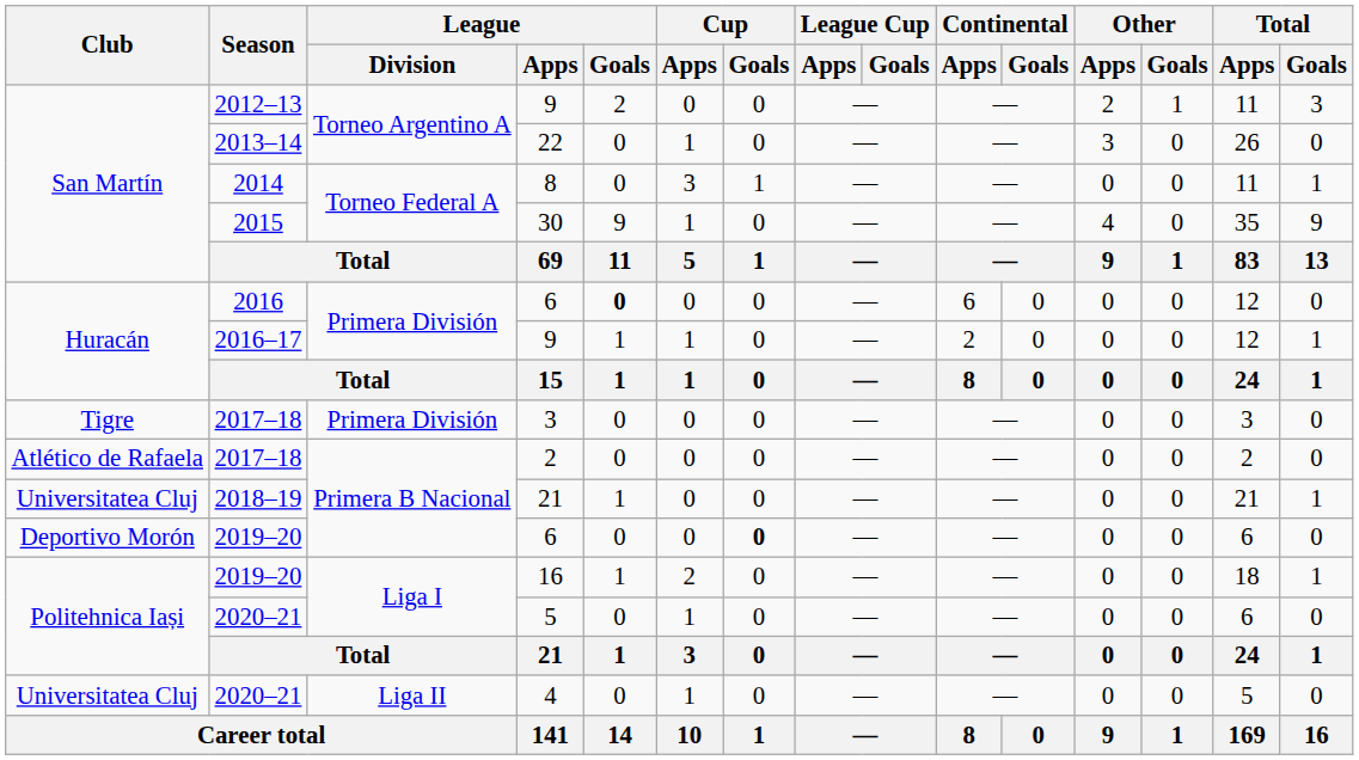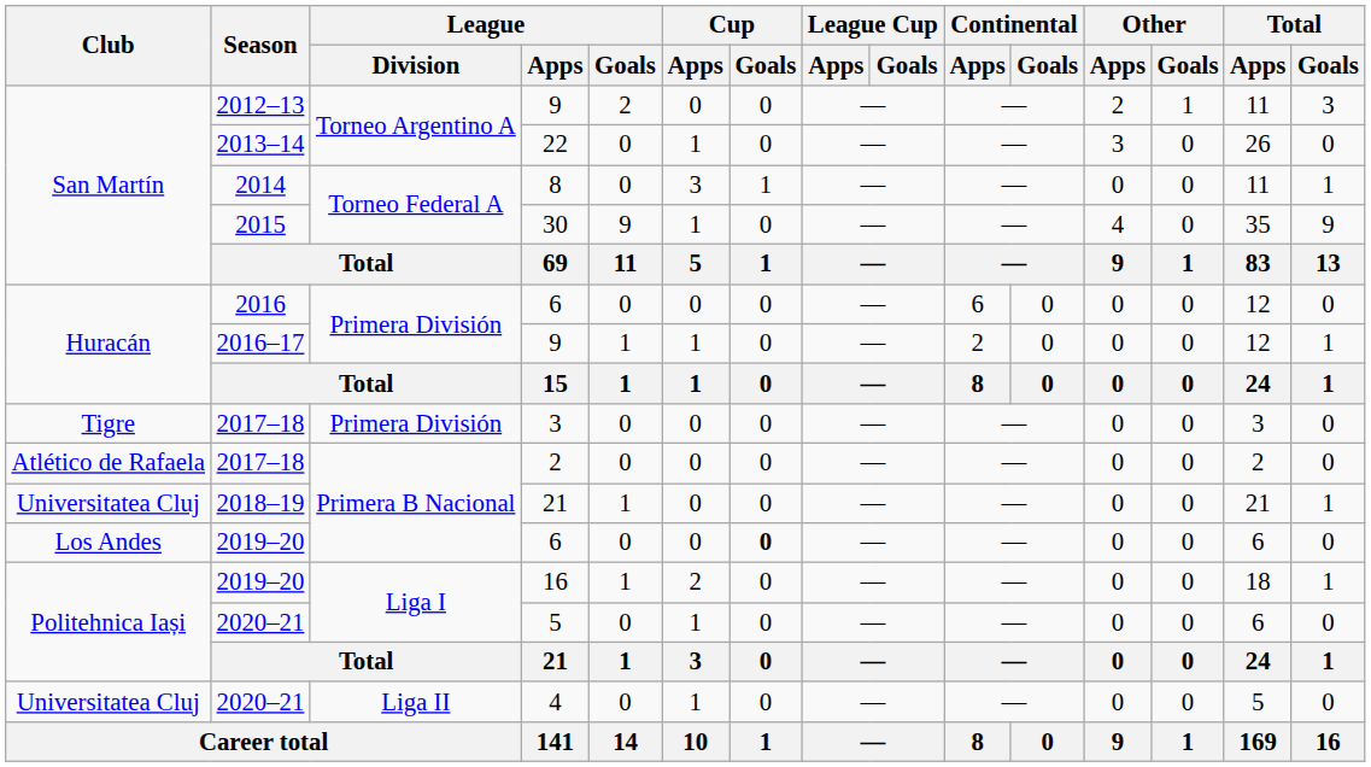 <table class="wikitable" style="text-align:center">
 <tr>
 <th rowspan="2">Club</th>
 <th rowspan="2">Season</th>
 <th colspan="3">League</th>
 <th colspan="2">Cup</th>
 <th colspan="2">League Cup</th>
 <th colspan="2">Continental</th>
 <th colspan="2">Other</th>
 <th colspan="2">Total</th>
 </tr>
 <tr>
 <th>Division</th>
 <th>Apps</th>
 <th>Goals</th>
 <th>Apps</th>
 <th>Goals</th>
 <th>Apps</th>
 <th>Goals</th>
 <th>Apps</th>
 <th>Goals</th>
 <th>Apps</th>
 <th>Goals</th>
 <th>Apps</th>
 <th>Goals</th>
 </tr>
 <tr>
 <td rowspan="5"><a href='#'>San Martín</a></td>
 <td><a href='#'>2012–13</a></td>
 <td rowspan="2"><a href='#'>Torneo Argentino A</a></td>
 <td>9</td>
 <td>2</td>
 <td>0</td>
 <td>0</td>
 <td colspan="2">—</td>
 <td colspan="2">—</td>
 <td>2</td>
 <td>1</td>
 <td>11</td>
 <td>3</td>
 </tr>
 <tr>
 <td><a href='#'>2013–14</a></td>
 <td>22</td>
 <td>0</td>
 <td>1</td>
 <td>0</td>
 <td colspan="2">—</td>
 <td colspan="2">—</td>
 <td>3</td>
 <td>0</td>
 <td>26</td>
 <td>0</td>
 </tr>
 <tr>
 <td><a href='#'>2014</a></td>
 <td rowspan="2"><a href='#'>Torneo Federal A</a></td>
 <td>8</td>
 <td>0</td>
 <td>3</td>
 <td>1</td>
 <td colspan="2">—</td>
 <td colspan="2">—</td>
 <td>0</td>
 <td>0</td>
 <td>11</td>
 <td>1</td>
 </tr>
 <tr>
 <td><a href='#'>2015</a></td>
 <td>30</td>
 <td>9</td>
 <td>1</td>
 <td>0</td>
 <td colspan="2">—</td>
 <td colspan="2">—</td>
 <td>4</td>
 <td>0</td>
 <td>35</td>
 <td>9</td>
 </tr>
 <tr>
 <th colspan="2">Total</th>
 <th>69</th>
 <th>11</th>
 <th>5</th>
 <th>1</th>
 <th colspan="2">—</th>
 <th colspan="2">—</th>
 <th>9</th>
 <th>1</th>
 <th>83</th>
 <th>13</th>
 </tr>
 <tr>
 <td rowspan="3"><a href='#'>Huracán</a></td>
 <td><a href='#'>2016</a></td>
 <td rowspan="2"><a href='#'>Primera División</a></td>
 <td>6</td>
-<td><strong>0</strong></td>
+<td>0</td>
 <td>0</td>
 <td>0</td>
 <td colspan="2">—</td>
 <td>6</td>
 <td>0</td>
 <td>0</td>
 <td>0</td>
 <td>12</td>
 <td>0</td>
 </tr>
 <tr>
 <td><a href='#'>2016–17</a></td>
 <td>9</td>
 <td>1</td>
 <td>1</td>
 <td>0</td>
 <td colspan="2">—</td>
 <td>2</td>
 <td>0</td>
 <td>0</td>
 <td>0</td>
 <td>12</td>
 <td>1</td>
 </tr>
 <tr>
 <th colspan="2">Total</th>
 <th>15</th>
 <th>1</th>
 <th>1</th>
 <th>0</th>
 <th colspan="2">—</th>
 <th>8</th>
 <th>0</th>
 <th>0</th>
 <th>0</th>
 <th>24</th>
 <th>1</th>
 </tr>
 <tr>
 <td rowspan="1"><a href='#'>Tigre</a></td>
 <td><a href='#'>2017–18</a></td>
 <td rowspan="1"><a href='#'>Primera División</a></td>
 <td>3</td>
 <td>0</td>
 <td>0</td>
 <td>0</td>
 <td colspan="2">—</td>
 <td colspan="2">—</td>
 <td>0</td>
 <td>0</td>
 <td>3</td>
 <td>0</td>
 </tr>
 <tr>
 <td rowspan="1"><a href='#'>Atlético de Rafaela</a></td>
 <td><a href='#'>2017–18</a></td>
 <td rowspan="3"><a href='#'>Primera B Nacional</a></td>
 <td>2</td>
 <td>0</td>
 <td>0</td>
 <td>0</td>
 <td colspan="2">—</td>
 <td colspan="2">—</td>
 <td>0</td>
 <td>0</td>
 <td>2</td>
 <td>0</td>
 </tr>
 <tr>
 <td rowspan="1"><a href='#'>Universitatea Cluj</a></td>
 <td><a href='#'>2018–19</a></td>
 <td>21</td>
 <td>1</td>
 <td>0</td>
 <td>0</td>
 <td colspan="2">—</td>
 <td colspan="2">—</td>
 <td>0</td>
 <td>0</td>
 <td>21</td>
 <td>1</td>
 </tr>
 <tr>
-<td rowspan="1"><a href='#'>Deportivo Morón</a></td>
+<td rowspan="1"><a href='#'>Los Andes</a></td>
 <td><a href='#'>2019–20</a></td>
 <td>6</td>
 <td>0</td>
 <td>0</td>
 <td><strong>0</strong></td>
 <td colspan="2">—</td>
 <td colspan="2">—</td>
 <td>0</td>
 <td>0</td>
 <td>6</td>
 <td>0</td>
 </tr>
 <tr>
 <td rowspan="3"><a href='#'>Politehnica Iași</a></td>
 <td><a href='#'>2019–20</a></td>
 <td rowspan="2"><a href='#'>Liga I</a></td>
 <td>16</td>
 <td>1</td>
 <td>2</td>
 <td>0</td>
 <td colspan="2">—</td>
 <td colspan="2">—</td>
 <td>0</td>
 <td>0</td>
 <td>18</td>
 <td>1</td>
 </tr>
 <tr>
 <td><a href='#'>2020–21</a></td>
 <td>5</td>
 <td>0</td>
 <td>1</td>
 <td>0</td>
 <td colspan="2">—</td>
 <td colspan="2">—</td>
 <td>0</td>
 <td>0</td>
 <td>6</td>
 <td>0</td>
 </tr>
 <tr>
 <th colspan="2">Total</th>
 <th>21</th>
 <th>1</th>
 <th>3</th>
 <th>0</th>
 <th colspan="2">—</th>
 <th colspan="2">—</th>
 <th>0</th>
 <th>0</th>
 <th>24</th>
 <th>1</th>
 </tr>
 <tr>
 <td rowspan="1"><a href='#'>Universitatea Cluj</a></td>
 <td><a href='#'>2020–21</a></td>
 <td rowspan="1"><a href='#'>Liga II</a></td>
 <td>4</td>
 <td>0</td>
 <td>1</td>
 <td>0</td>
 <td colspan="2">—</td>
 <td colspan="2">—</td>
 <td>0</td>
 <td>0</td>
 <td>5</td>
 <td>0</td>
 </tr>
 <tr>
 <th colspan="3">Career total</th>
 <th>141</th>
 <th>14</th>
 <th>10</th>
 <th>1</th>
 <th colspan="2">—</th>
 <th>8</th>
 <th>0</th>
 <th>9</th>
 <th>1</th>
 <th>169</th>
 <th>16</th>
 </tr>
 </table>
